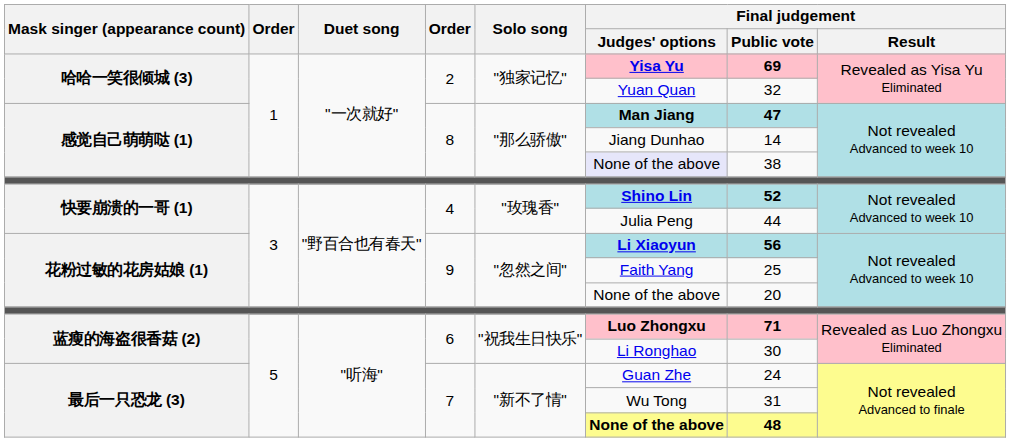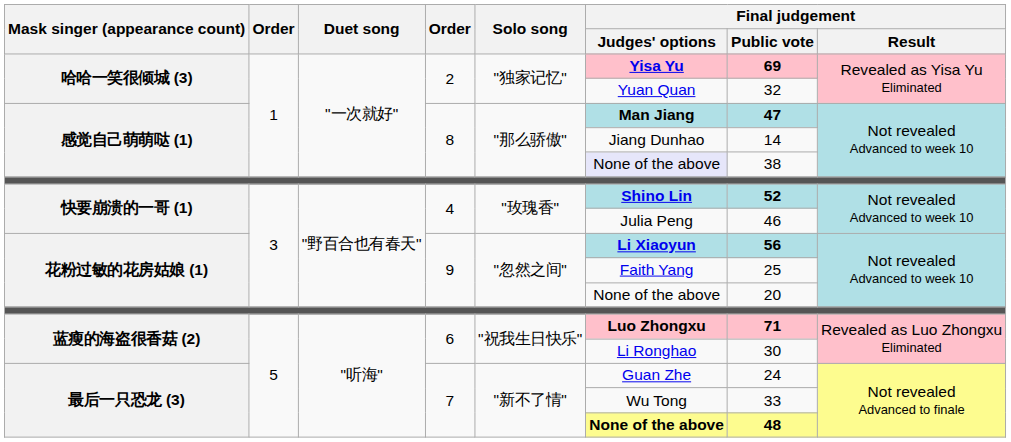 <table class="wikitable plainrowheaders" style="text-align:center;">
 <tr>
 <th rowspan=2 scope="col">Mask singer (appearance count)</th>
 <th rowspan=2 scope="col">Order</th>
 <th rowspan=2 scope="col">Duet song</th>
 <th rowspan=2 scope="col">Order</th>
 <th rowspan=2 scope="col">Solo song</th>
 <th scope="col" colspan=3>Final judgement</th>
 </tr>
 <tr>
 <th scope="col">Judges' options</th>
 <th scope="col">Public vote</th>
 <th scope="col">Result</th>
 </tr>
 <tr>
 <th rowspan=2 scope="row">哈哈一笑很倾城 (3) </th>
 <td rowspan=5>1</td>
 <td rowspan=5>"一次就好"</td>
 <td rowspan=2>2</td>
 <td rowspan=2>"独家记忆"</td>
 <td style="background:pink;"><strong><a href='#'>Yisa Yu</a></strong></td>
 <td style="background:pink;"><strong>69</strong></td>
 <td rowspan=2 style="background:pink;">Revealed as Yisa Yu<br><small>Eliminated</small></td>
 </tr>
 <tr>
 <td><a href='#'>Yuan Quan</a></td>
 <td>32</td>
 </tr>
 <tr>
 <th rowspan=3 scope="row">感觉自己萌萌哒 (1)</th>
 <td rowspan=3>8</td>
 <td rowspan=3>"那么骄傲"</td>
 <td style="background:#B0E0E6;"><strong>Man Jiang</strong></td>
 <td style="background:#B0E0E6;"><strong>47</strong></td>
 <td style="background:#B0E0E6;" rowspan=3>Not revealed<br><small>Advanced to week 10</small></td>
 </tr>
 <tr>
 <td>Jiang Dunhao</td>
 <td>14</td>
 </tr>
 <tr>
 <td style="background: lavender;">None of the above</td>
 <td>38</td>
 </tr>
 <tr>
 <td colspan="8" style="background:#555;"></td>
 </tr>
 <tr>
 <th rowspan=2 scope="row">快要崩溃的一哥 (1)</th>
 <td rowspan=5>3</td>
 <td rowspan=5>"野百合也有春天"</td>
 <td rowspan=2>4</td>
 <td rowspan=2>"玫瑰香"</td>
 <td style="background:#B0E0E6;"><strong><a href='#'>Shino Lin</a></strong></td>
 <td style="background:#B0E0E6;"><strong>52</strong></td>
 <td style="background:#B0E0E6;" rowspan=2>Not revealed<br><small>Advanced to week 10</small></td>
 </tr>
 <tr>
 <td>Julia Peng</td>
-<td>44</td>
+<td>46</td>
 </tr>
 <tr>
 <th rowspan=3 scope="row">花粉过敏的花房姑娘 (1)</th>
 <td rowspan=3>9</td>
 <td rowspan=3>"忽然之间"</td>
 <td style="background:#B0E0E6;"><strong><a href='#'>Li Xiaoyun</a></strong></td>
 <td style="background:#B0E0E6;"><strong>56</strong></td>
 <td style="background:#B0E0E6;" rowspan=3>Not revealed<br><small>Advanced to week 10</small></td>
 </tr>
 <tr>
 <td><a href='#'>Faith Yang</a></td>
 <td>25</td>
 </tr>
 <tr>
 <td>None of the above</td>
 <td>20</td>
 </tr>
 <tr>
 <td colspan="8" style="background:#555;"></td>
 </tr>
 <tr>
 <th rowspan=2 scope="row">蓝瘦的海盗很香菇 (2)</th>
 <td rowspan=5>5</td>
 <td rowspan=5>"听海"</td>
 <td rowspan=2>6</td>
 <td rowspan=2>"祝我生日快乐"</td>
 <td style="background:pink;"><strong>Luo Zhongxu</strong></td>
 <td style="background:pink;"><strong>71</strong></td>
 <td rowspan=2 style="background:pink;">Revealed as Luo Zhongxu<br><small>Eliminated</small></td>
 </tr>
 <tr>
 <td><a href='#'>Li Ronghao</a></td>
 <td>30</td>
 </tr>
 <tr>
 <th rowspan=3 scope="row">最后一只恐龙 (3)</th>
 <td rowspan=3>7</td>
 <td rowspan=3>"新不了情"</td>
 <td><a href='#'>Guan Zhe</a></td>
 <td>24</td>
 <td style="background:#fdfc8f;" rowspan=3>Not revealed<br><small>Advanced to finale</small></td>
 </tr>
 <tr>
 <td>Wu Tong</td>
-<td>31</td>
+<td>33</td>
 </tr>
 <tr style="background:#fdfc8f;">
 <td><strong>None of the above</strong></td>
 <td><strong>48</strong></td>
 </tr>
 </table>
